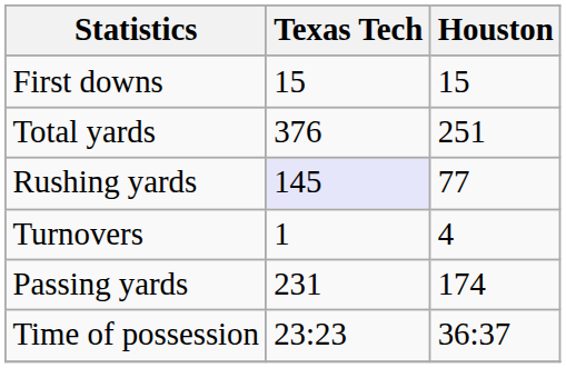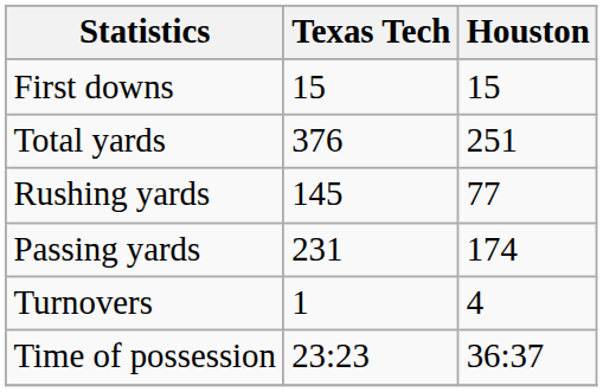 <table class="wikitable">
 <tr>
 <th>Statistics</th>
 <th>Texas Tech</th>
 <th>Houston</th>
 </tr>
 <tr>
 <td>First downs</td>
 <td>15</td>
 <td>15</td>
 </tr>
 <tr>
 <td>Total yards</td>
 <td>376</td>
 <td>251</td>
 </tr>
 <tr>
 <td>Rushing yards</td>
-<td style="background: lavender;">145</td>
+<td>145</td>
 <td>77</td>
+</tr>
+<tr>
+<td>Passing yards</td>
+<td>231</td>
+<td>174</td>
 </tr>
 <tr>
 <td>Turnovers</td>
 <td>1</td>
 <td>4</td>
-</tr>
-<tr>
-<td>Passing yards</td>
-<td>231</td>
-<td>174</td>
 </tr>
 <tr>
 <td>Time of possession</td>
 <td>23:23</td>
 <td>36:37</td>
 </tr>
 <tr>
 </tr>
 </table>
